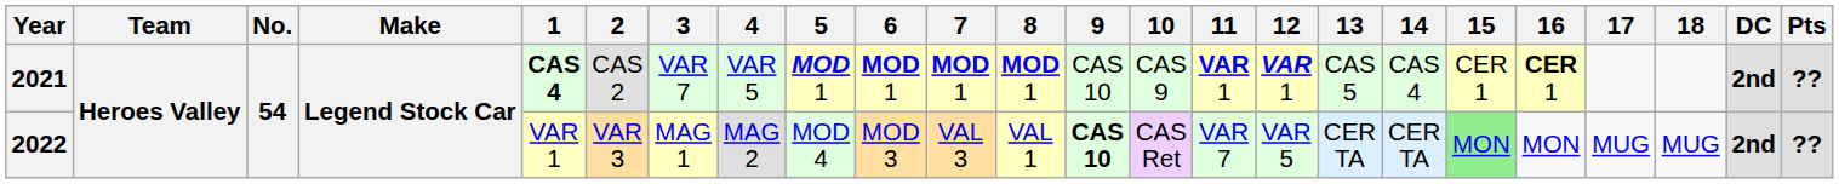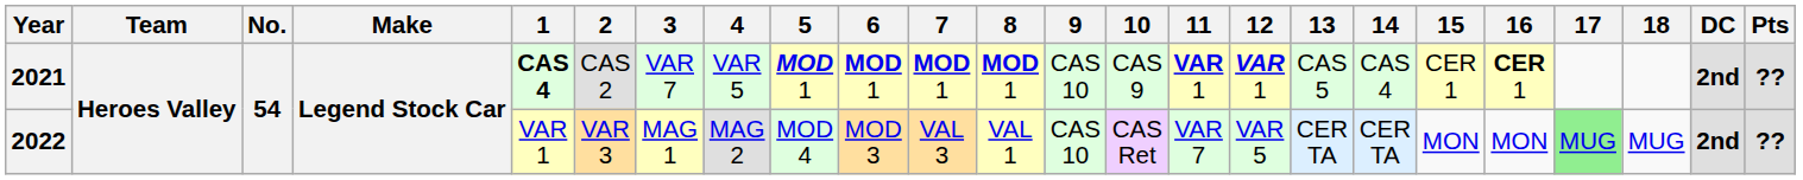 <table class="wikitable" style="text-align:center; font-size:85%">
 <tr>
 <th>Year</th>
 <th>Team</th>
 <th>No.</th>
 <th>Make</th>
 <th>1</th>
 <th>2</th>
 <th>3</th>
 <th>4</th>
 <th>5</th>
 <th>6</th>
 <th>7</th>
 <th>8</th>
 <th>9</th>
 <th>10</th>
 <th>11</th>
 <th>12</th>
 <th>13</th>
 <th>14</th>
 <th>15</th>
 <th>16</th>
 <th>17</th>
 <th>18</th>
 <th>DC</th>
 <th>Pts</th>
 </tr>
 <tr>
 <th>2021</th>
 <th rowspan="2">Heroes Valley</th>
 <th rowspan="2">54</th>
 <th rowspan="2">Legend Stock Car</th>
 <td style="background-color:#DFFFDF"><strong>CAS<br>4</strong></td>
 <td style="background-color:#DFDFDF">CAS<br>2</td>
 <td style="background-color:#DFFFDF"><a href='#'>VAR</a><br>7</td>
 <td style="background-color:#DFFFDF"><a href='#'>VAR</a><br>5</td>
 <td style="background-color:#FFFFBF"><a href='#'><strong><em>MOD</em></strong></a><br>1</td>
 <td style="background-color:#FFFFBF"><a href='#'><strong>MOD</strong></a><br>1</td>
 <td style="background-color:#FFFFBF"><a href='#'><strong>MOD</strong></a><br>1</td>
 <td style="background-color:#FFFFBF"><a href='#'><strong>MOD</strong></a><br>1</td>
 <td style="background-color:#DFFFDF">CAS<br>10</td>
 <td style="background-color:#DFFFDF">CAS<br>9</td>
 <td style="background-color:#FFFFBF"><a href='#'><strong>VAR</strong></a><br>1</td>
 <td style="background-color:#FFFFBF"><a href='#'><strong><em>VAR</em></strong></a><br>1</td>
 <td style="background-color:#DFFFDF">CAS<br>5</td>
 <td style="background-color:#DFFFDF">CAS<br>4</td>
 <td style="background-color:#FFFFBF">CER<br>1</td>
 <td style="background-color:#FFFFBF"><strong>CER</strong><br>1</td>
 <td></td>
 <td></td>
 <th style="background-color:#DFDFDF">2nd</th>
 <th style="background-color:#DFDFDF">??</th>
 </tr>
 <tr>
 <th>2022</th>
 <td style="background-color:#FFFFBF"><a href='#'>VAR</a><br>1</td>
 <td style="background-color:#FFDF9F"><a href='#'>VAR</a><br>3</td>
 <td style="background-color:#FFFFBF"><a href='#'>MAG</a><br>1</td>
 <td style="background-color:#DFDFDF"><a href='#'>MAG</a><br>2</td>
 <td style="background-color:#DFFFDF"><a href='#'>MOD</a><br>4</td>
 <td style="background-color:#FFDF9F"><a href='#'>MOD</a><br>3</td>
 <td style="background-color:#FFDF9F"><a href='#'>VAL</a><br>3</td>
 <td style="background-color:#FFFFBF"><a href='#'>VAL</a><br>1</td>
-<td style="background-color:#DFFFDF"><strong>CAS<br>10</strong></td>
+<td style="background-color:#DFFFDF">CAS<br>10</td>
 <td style="background-color:#EFCFFF">CAS<br>Ret</td>
 <td style="background-color:#DFFFDF"><a href='#'>VAR</a><br>7</td>
 <td style="background-color:#DFFFDF"><a href='#'>VAR</a><br>5</td>
 <td style="background-color:#DCEFFF">CER<br>TA</td>
 <td style="background-color:#DCEFFF">CER<br>TA</td>
-<td style="background: lightgreen;"><a href='#'>MON</a></td>
 <td><a href='#'>MON</a></td>
-<td><a href='#'>MUG</a></td>
+<td><a href='#'>MON</a></td>
+<td style="background: lightgreen;"><a href='#'>MUG</a></td>
 <td><a href='#'>MUG</a></td>
 <th style="background-color:#DFDFDF">2nd</th>
 <th style="background-color:#DFDFDF">??</th>
 </tr>
 </table>
